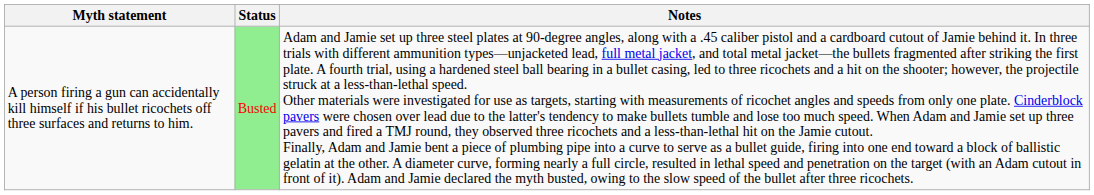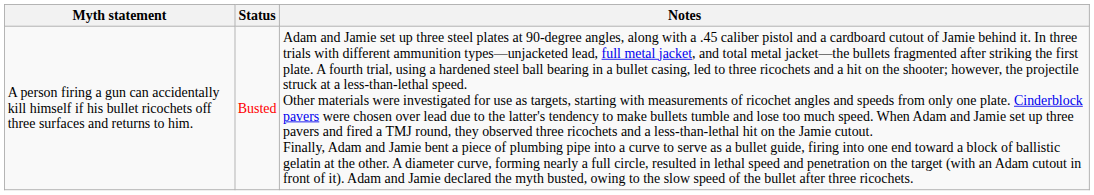 <table class="wikitable plainrowheaders">
 <tr>
 <th>Myth statement</th>
 <th>Status</th>
 <th>Notes</th>
 </tr>
 <tr>
 <td>A person firing a gun can accidentally kill himself if his bullet ricochets off three surfaces and returns to him.</td>
-<td style="background: lightgreen; color:red">Busted</td>
+<td style="color:red">Busted</td>
 <td>Adam and Jamie set up three steel plates at 90-degree angles, along with a .45 caliber pistol and a cardboard cutout of Jamie behind it. In three trials with different ammunition types—unjacketed lead, <a href='#'>full metal jacket</a>, and total metal jacket—the bullets fragmented after striking the first plate. A fourth trial, using a hardened steel ball bearing in a bullet casing, led to three ricochets and a hit on the shooter; however, the projectile struck at a less-than-lethal speed.<br>Other materials were investigated for use as targets, starting with measurements of ricochet angles and speeds from only one plate. <a href='#'>Cinderblock</a> <a href='#'>pavers</a> were chosen over lead due to the latter's tendency to make bullets tumble and lose too much speed. When Adam and Jamie set up three pavers and fired a TMJ round, they observed three ricochets and a less-than-lethal hit on the Jamie cutout.<br>Finally, Adam and Jamie bent a piece of plumbing pipe into a curve to serve as a bullet guide, firing into one end toward a block of ballistic gelatin at the other. A  diameter curve, forming nearly a full circle, resulted in lethal speed and penetration on the target (with an Adam cutout in front of it). Adam and Jamie declared the myth busted, owing to the slow speed of the bullet after three ricochets.</td>
 </tr>
 </table>
